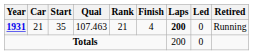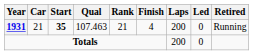 <table class="wikitable" style="text-align:center">
 <tr>
 <th>Year</th>
 <th>Car</th>
 <th>Start</th>
 <th>Qual</th>
 <th>Rank</th>
 <th>Finish</th>
 <th>Laps</th>
 <th>Led</th>
 <th>Retired</th>
 </tr>
 <tr>
 <th><a href='#'>1931</a></th>
 <td>21</td>
-<td>35</td>
+<td><strong>35</strong></td>
 <td>107.463</td>
 <td>21</td>
 <td>4</td>
-<td><strong>200</strong></td>
+<td>200</td>
 <td>0</td>
 <td>Running</td>
 </tr>
 <tr>
 <td colspan=6><strong>Totals</strong></td>
 <td>200</td>
 <td>0</td>
 <td></td>
 </tr>
 </table>
